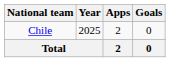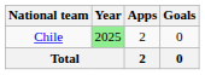 <table class="wikitable" style="text-align:center">
 <tr>
 <th>National team</th>
 <th>Year</th>
 <th>Apps</th>
 <th>Goals</th>
 </tr>
 <tr>
 <td rowspan="1"><a href='#'>Chile</a></td>
-<td>2025</td>
+<td style="background: lightgreen;">2025</td>
 <td>2</td>
 <td>0</td>
 </tr>
 <tr>
 <th colspan="2">Total</th>
 <th>2</th>
 <th>0</th>
 </tr>
 </table>
